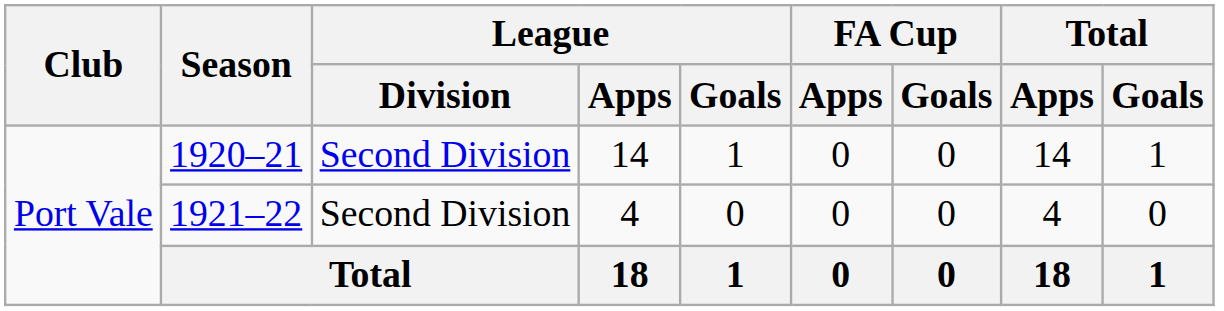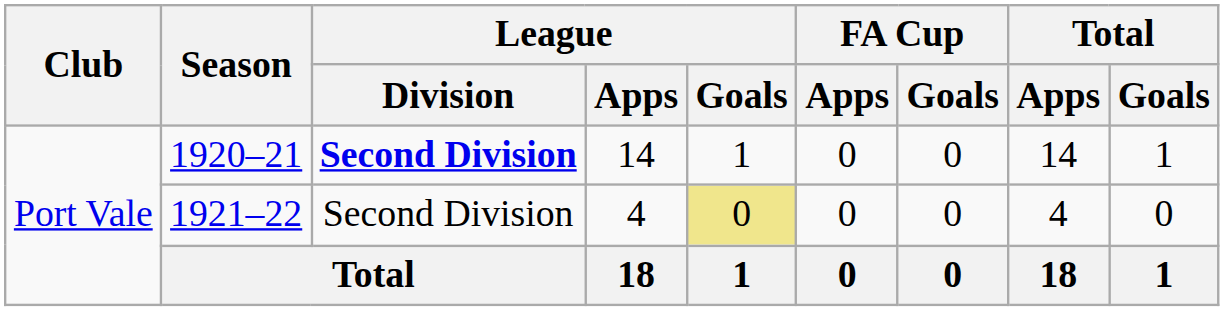 <table class="wikitable" style="text-align: center;">
 <tr>
 <th rowspan="2">Club</th>
 <th rowspan="2">Season</th>
 <th colspan="3">League</th>
 <th colspan="2">FA Cup</th>
 <th colspan="2">Total</th>
 </tr>
 <tr>
 <th>Division</th>
 <th>Apps</th>
 <th>Goals</th>
 <th>Apps</th>
 <th>Goals</th>
 <th>Apps</th>
 <th>Goals</th>
 </tr>
 <tr>
 <td rowspan="3"><a href='#'>Port Vale</a></td>
 <td><a href='#'>1920–21</a></td>
-<td><a href='#'>Second Division</a></td>
+<td><strong><a href='#'>Second Division</a></strong></td>
 <td>14</td>
 <td>1</td>
 <td>0</td>
 <td>0</td>
 <td>14</td>
 <td>1</td>
 </tr>
 <tr>
 <td><a href='#'>1921–22</a></td>
 <td>Second Division</td>
 <td>4</td>
-<td>0</td>
+<td style="background: khaki;">0</td>
 <td>0</td>
 <td>0</td>
 <td>4</td>
 <td>0</td>
 </tr>
 <tr>
 <th colspan="2">Total</th>
 <th>18</th>
 <th>1</th>
 <th>0</th>
 <th>0</th>
 <th>18</th>
 <th>1</th>
 </tr>
 </table>
